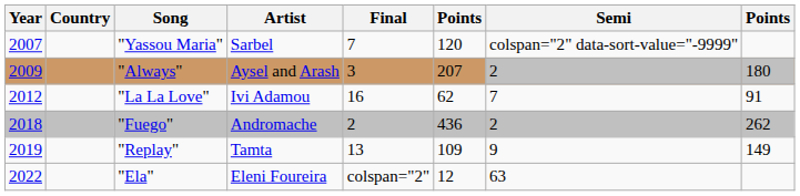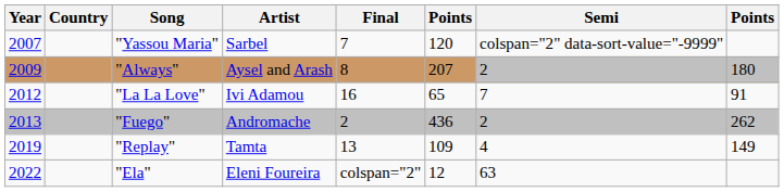 <table class="wikitable sortable">
 <tr>
 <th>Year</th>
 <th>Country</th>
 <th>Song</th>
 <th>Artist</th>
 <th>Final</th>
 <th>Points</th>
 <th>Semi</th>
 <th>Points</th>
 </tr>
 <tr>
 <td><a href='#'>2007</a></td>
 <td></td>
 <td>"<a href='#'>Yassou Maria</a>"</td>
 <td><a href='#'>Sarbel</a></td>
 <td>7</td>
 <td>120</td>
 <td>colspan="2" data-sort-value="-9999" </td>
 </tr>
 <tr bgcolor = "#cc9966">
 <td><a href='#'>2009</a></td>
 <td></td>
 <td>"<a href='#'>Always</a>"</td>
 <td><a href='#'>Aysel</a> and <a href='#'>Arash</a></td>
-<td>3</td>
+<td>8</td>
 <td>207</td>
 <td bgcolor="silver">2</td>
 <td bgcolor="silver">180</td>
 </tr>
 <tr>
 <td><a href='#'>2012</a></td>
 <td></td>
 <td>"<a href='#'>La La Love</a>"</td>
 <td><a href='#'>Ivi Adamou</a></td>
 <td>16</td>
-<td>62</td>
+<td>65</td>
 <td>7</td>
 <td>91</td>
 </tr>
 <tr bgcolor="silver">
-<td><a href='#'>2018</a></td>
+<td><a href='#'>2013</a></td>
 <td></td>
 <td>"<a href='#'>Fuego</a>"</td>
 <td><a href='#'>Andromache</a></td>
 <td>2</td>
 <td>436</td>
 <td>2</td>
 <td>262</td>
 </tr>
 <tr>
 <td><a href='#'>2019</a></td>
 <td></td>
 <td>"<a href='#'>Replay</a>"</td>
 <td><a href='#'>Tamta</a></td>
 <td>13</td>
 <td>109</td>
-<td>9</td>
+<td>4</td>
 <td>149</td>
 </tr>
 <tr>
 <td><a href='#'>2022</a></td>
 <td></td>
 <td>"<a href='#'>Ela</a>"</td>
 <td><a href='#'>Eleni Foureira</a></td>
 <td>colspan="2" </td>
 <td>12</td>
 <td>63</td>
 </tr>
 </table>
